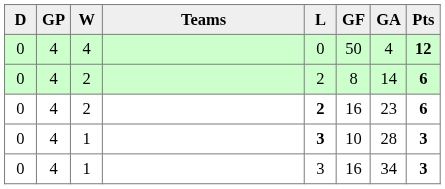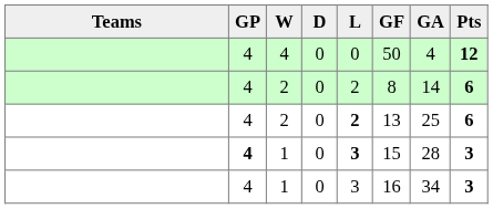 <table style=border-collapse:collapse border=1 cellspacing=0 cellpadding=5>
 <tr align=center bgcolor=#efefef>
-<th width=20>D</th>
+<th width=185>Teams</th>
 <th width=20>GP</th>
 <th width=20>W</th>
-<th width=185>Teams</th>
+<th width=20>D</th>
 <th width=20>L</th>
 <th width=20>GF</th>
 <th width=20>GA</th>
 <th width=20>Pts<br></th>
 </tr>
 <tr align=center bgcolor="ccffcc">
-<td>0</td>
+<td style="text-align:left;"></td>
 <td>4</td>
 <td>4</td>
-<td style="text-align:left;"></td>
+<td>0</td>
 <td>0</td>
 <td>50</td>
 <td>4</td>
 <td><strong>12</strong></td>
 </tr>
 <tr align=center bgcolor="ccffcc">
-<td>0</td>
+<td style="text-align:left;"></td>
 <td>4</td>
 <td>2</td>
-<td style="text-align:left;"></td>
+<td>0</td>
 <td>2</td>
 <td>8</td>
 <td>14</td>
 <td><strong>6</strong></td>
 </tr>
 <tr align=center>
-<td>0</td>
+<td style="text-align:left;"></td>
 <td>4</td>
 <td>2</td>
-<td style="text-align:left;"></td>
+<td>0</td>
 <td><strong>2</strong></td>
-<td>16</td>
-<td>23</td>
+<td>13</td>
+<td>25</td>
 <td><strong>6</strong></td>
 </tr>
 <tr align=center>
+<td style="text-align:left;"></td>
+<td><strong>4</strong></td>
+<td>1</td>
 <td>0</td>
-<td>4</td>
-<td>1</td>
-<td style="text-align:left;"></td>
 <td><strong>3</strong></td>
-<td>10</td>
+<td>15</td>
 <td>28</td>
 <td><strong>3</strong></td>
 </tr>
 <tr align=center>
-<td>0</td>
+<td style="text-align:left;"></td>
 <td>4</td>
 <td>1</td>
-<td style="text-align:left;"></td>
+<td>0</td>
 <td>3</td>
 <td>16</td>
 <td>34</td>
 <td><strong>3</strong></td>
 </tr>
 </table>
